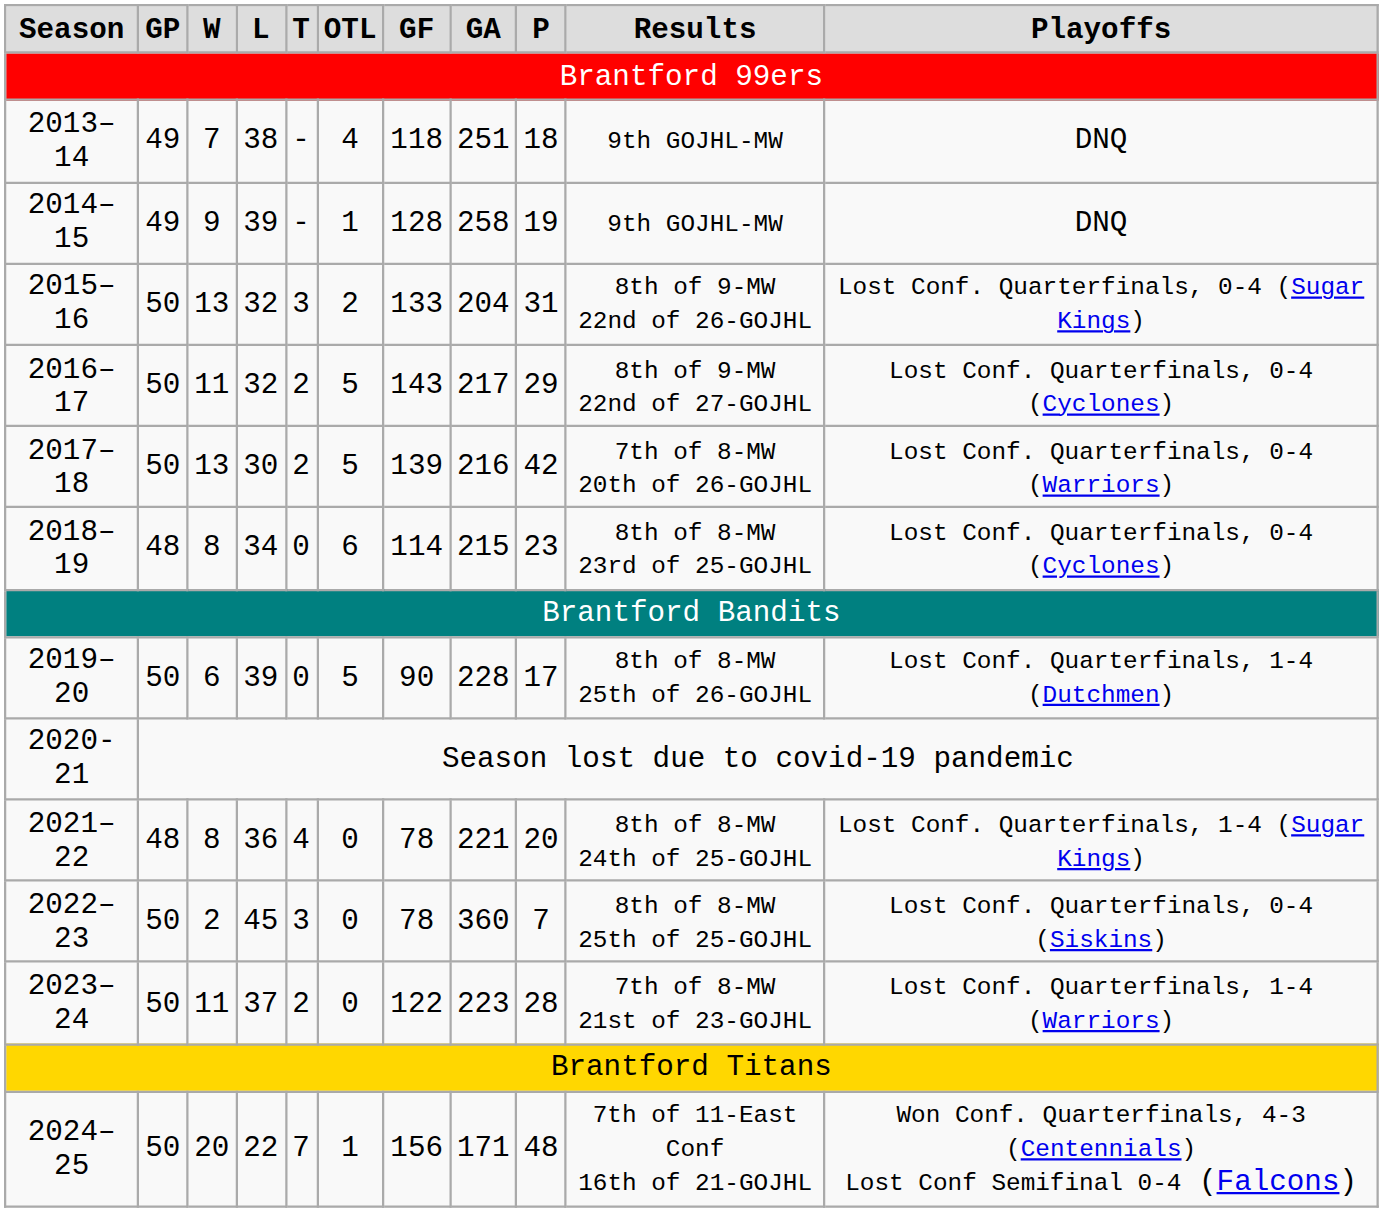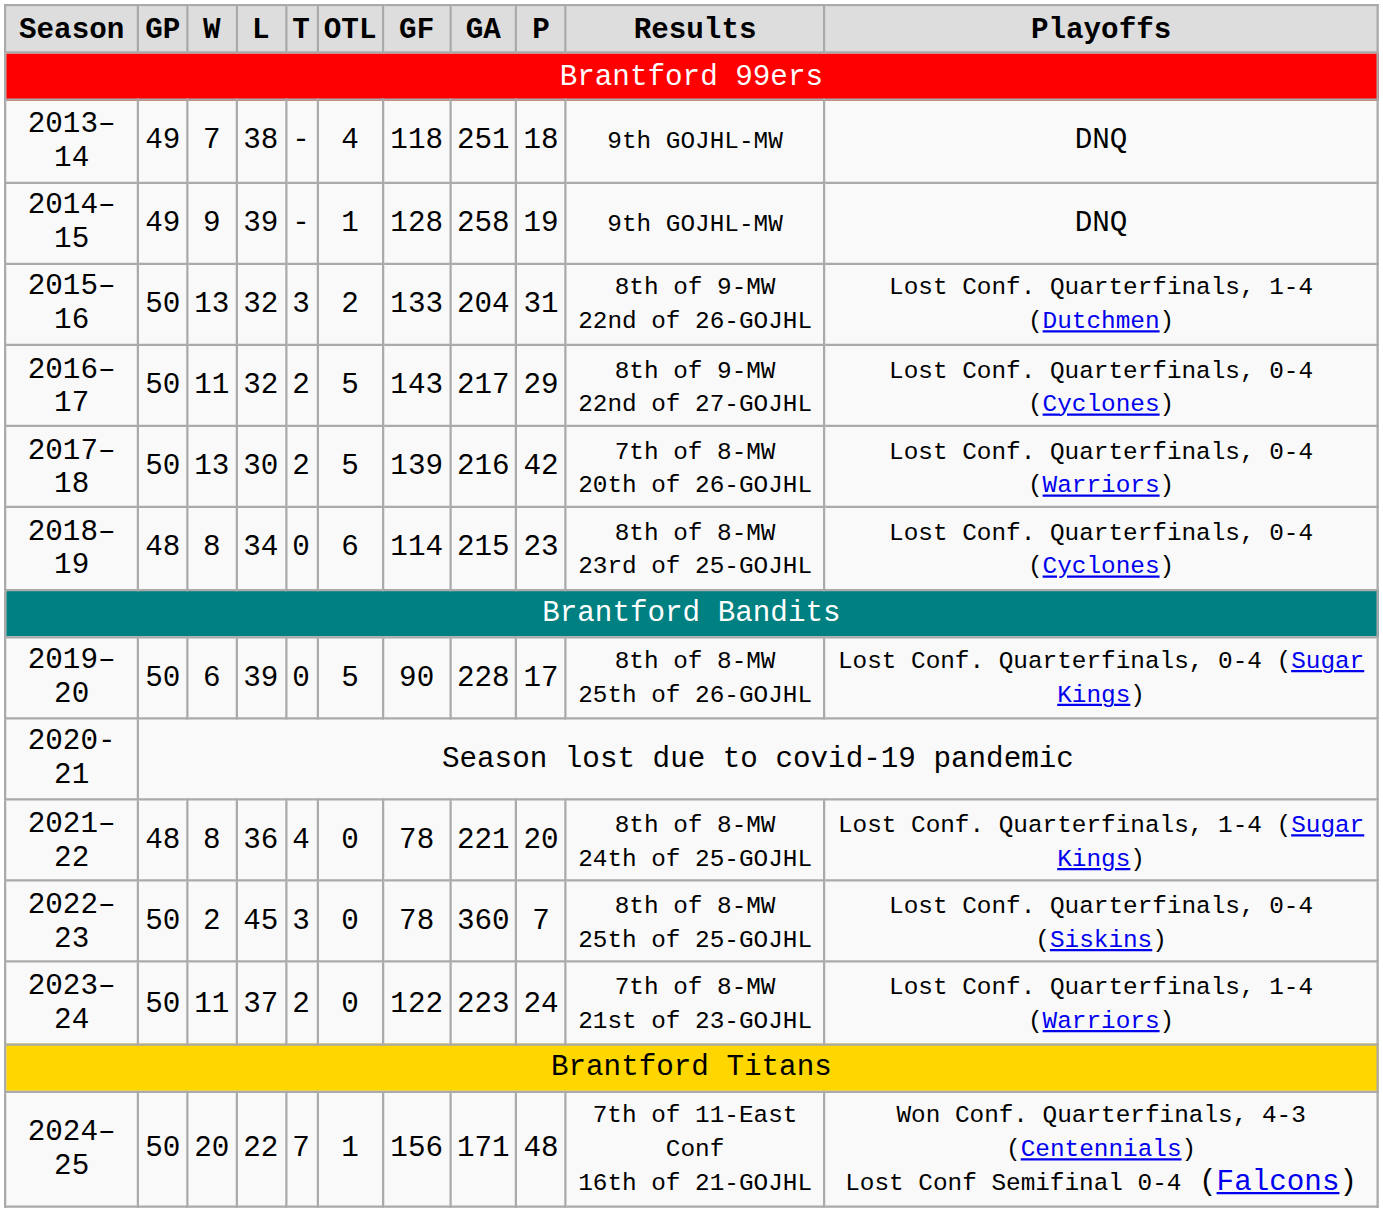 <table class="wikitable">
 <tr align="center"  bgcolor="#dddddd">
 <td><strong>Season</strong></td>
 <td><strong>GP</strong></td>
 <td><strong>W</strong></td>
 <td><strong>L</strong></td>
 <td><strong>T</strong></td>
 <td><strong>OTL</strong></td>
 <td><strong>GF</strong></td>
 <td><strong>GA</strong></td>
 <td><strong>P</strong></td>
 <td><strong>Results</strong></td>
 <td><strong>Playoffs</strong></td>
 </tr>
 <tr align="center"  bgcolor="red"  style="color:#FFFFFF">
 <td Colspan=11>Brantford 99ers</td>
 </tr>
 <tr align="center">
 <td>2013–14</td>
 <td>49</td>
 <td>7</td>
 <td>38</td>
 <td>-</td>
 <td>4</td>
 <td>118</td>
 <td>251</td>
 <td>18</td>
 <td><small>9th GOJHL-MW  </small></td>
 <td>DNQ</td>
 </tr>
 <tr align="center">
 <td>2014–15</td>
 <td>49</td>
 <td>9</td>
 <td>39</td>
 <td>-</td>
 <td>1</td>
 <td>128</td>
 <td>258</td>
 <td>19</td>
 <td><small>9th GOJHL-MW </small></td>
 <td>DNQ</td>
 </tr>
 <tr align="center">
 <td>2015–16</td>
 <td>50</td>
 <td>13</td>
 <td>32</td>
 <td>3</td>
 <td>2</td>
 <td>133</td>
 <td>204</td>
 <td>31</td>
 <td><small>8th of 9-MW<br>22nd of 26-GOJHL </small></td>
-<td><small>Lost Conf. Quarterfinals, 0-4 (<a href='#'>Sugar Kings</a>)</small></td>
+<td><small>Lost Conf. Quarterfinals, 1-4 (<a href='#'>Dutchmen</a>)</small></td>
 </tr>
 <tr align="center">
 <td>2016–17</td>
 <td>50</td>
 <td>11</td>
 <td>32</td>
 <td>2</td>
 <td>5</td>
 <td>143</td>
 <td>217</td>
 <td>29</td>
 <td><small>8th of 9-MW<br>22nd of 27-GOJHL </small></td>
 <td><small>Lost Conf. Quarterfinals, 0-4 (<a href='#'>Cyclones</a>)</small></td>
 </tr>
 <tr align="center">
 <td>2017–18</td>
 <td>50</td>
 <td>13</td>
 <td>30</td>
 <td>2</td>
 <td>5</td>
 <td>139</td>
 <td>216</td>
 <td>42</td>
 <td><small>7th of 8-MW<br>20th of 26-GOJHL </small></td>
 <td><small>Lost Conf. Quarterfinals, 0-4 (<a href='#'>Warriors</a>)</small></td>
 </tr>
 <tr align="center">
 <td>2018–19</td>
 <td>48</td>
 <td>8</td>
 <td>34</td>
 <td>0</td>
 <td>6</td>
 <td>114</td>
 <td>215</td>
 <td>23</td>
 <td><small>8th of 8-MW<br>23rd of 25-GOJHL </small></td>
 <td><small>Lost Conf. Quarterfinals, 0-4 (<a href='#'>Cyclones</a>)</small></td>
 </tr>
 <tr align="center"  bgcolor="teal"  style="color:#FFFFFF">
 <td Colspan=11>Brantford Bandits</td>
 </tr>
 <tr align="center">
 <td>2019–20</td>
 <td>50</td>
 <td>6</td>
 <td>39</td>
 <td>0</td>
 <td>5</td>
 <td>90</td>
 <td>228</td>
 <td>17</td>
 <td><small>8th of 8-MW<br>25th of 26-GOJHL </small></td>
-<td><small>Lost Conf. Quarterfinals, 1-4 (<a href='#'>Dutchmen</a>)</small></td>
+<td><small>Lost Conf. Quarterfinals, 0-4 (<a href='#'>Sugar Kings</a>)</small></td>
 </tr>
 <tr align="center">
 <td>2020-21</td>
 <td colspan=10>Season lost due to covid-19 pandemic</td>
 </tr>
 <tr align="center">
 <td>2021–22</td>
 <td>48</td>
 <td>8</td>
 <td>36</td>
 <td>4</td>
 <td>0</td>
 <td>78</td>
 <td>221</td>
 <td>20</td>
 <td><small>8th of 8-MW<br>24th of 25-GOJHL </small></td>
 <td><small>Lost Conf. Quarterfinals, 1-4 (<a href='#'>Sugar Kings</a>)</small></td>
 </tr>
 <tr align="center">
 <td>2022–23</td>
 <td>50</td>
 <td>2</td>
 <td>45</td>
 <td>3</td>
 <td>0</td>
 <td>78</td>
 <td>360</td>
 <td>7</td>
 <td><small>8th of 8-MW<br>25th of 25-GOJHL </small></td>
 <td><small>Lost Conf. Quarterfinals, 0-4 (<a href='#'>Siskins</a>)</small></td>
 </tr>
 <tr align="center">
 <td>2023–24</td>
 <td>50</td>
 <td>11</td>
 <td>37</td>
 <td>2</td>
 <td>0</td>
 <td>122</td>
 <td>223</td>
-<td>28</td>
+<td>24</td>
 <td><small>7th of 8-MW<br>21st of 23-GOJHL </small></td>
 <td><small>Lost Conf. Quarterfinals, 1-4 (<a href='#'>Warriors</a>)</small></td>
 </tr>
 <tr align="center" bgcolor="gold" style="color:black">
 <td Colspan=11>Brantford Titans</td>
 </tr>
 <tr align="center">
 <td>2024–25</td>
 <td>50</td>
 <td>20</td>
 <td>22</td>
 <td>7</td>
 <td>1</td>
 <td>156</td>
 <td>171</td>
 <td>48</td>
 <td><small>7th of 11-East Conf<br>16th of 21-GOJHL </small></td>
 <td><small>Won Conf. Quarterfinals, 4-3 (<a href='#'>Centennials</a>)<br>Lost Conf Semifinal 0-4</small> (<a href='#'>Falcons</a>)</td>
 </tr>
 </table>
